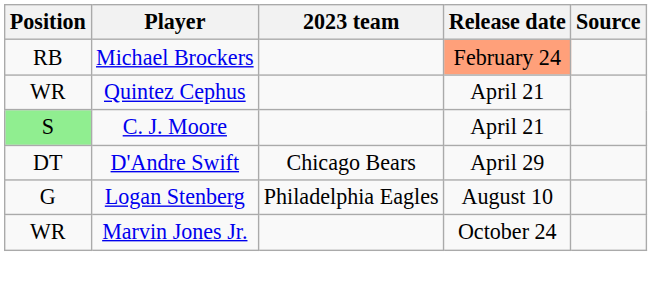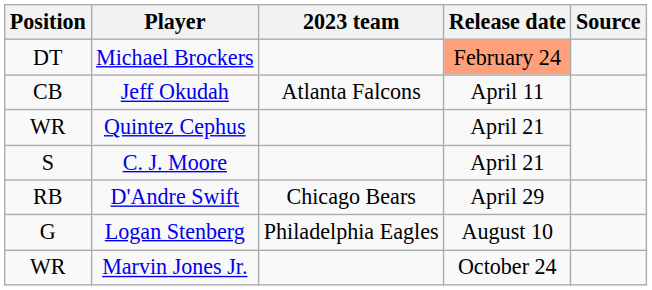 <table class="wikitable" style="text-align:center">
 <tr>
 <th>Position</th>
 <th>Player</th>
 <th>2023 team</th>
 <th>Release date</th>
 <th>Source</th>
 </tr>
 <tr>
-<td>RB</td>
+<td>DT</td>
 <td><a href='#'>Michael Brockers</a></td>
 <td></td>
 <td style="background: lightsalmon;">February 24</td>
+<td></td>
+</tr>
+<tr>
+<td>CB</td>
+<td><a href='#'>Jeff Okudah</a></td>
+<td>Atlanta Falcons</td>
+<td>April 11</td>
 <td></td>
 </tr>
 <tr>
 <td>WR</td>
 <td><a href='#'>Quintez Cephus</a></td>
 <td></td>
 <td>April 21</td>
 <td rowspan="2"></td>
 </tr>
 <tr>
-<td style="background: lightgreen;">S</td>
+<td>S</td>
 <td><a href='#'>C. J. Moore</a></td>
 <td></td>
 <td>April 21</td>
 </tr>
 <tr>
-<td>DT</td>
+<td>RB</td>
 <td><a href='#'>D'Andre Swift</a></td>
 <td>Chicago Bears</td>
 <td>April 29</td>
 <td></td>
 </tr>
 <tr>
 <td>G</td>
 <td><a href='#'>Logan Stenberg</a></td>
 <td>Philadelphia Eagles</td>
 <td>August 10</td>
 <td></td>
 </tr>
 <tr>
 <td>WR</td>
 <td><a href='#'>Marvin Jones Jr.</a></td>
 <td></td>
 <td>October 24</td>
 <td></td>
 </tr>
 </table>
